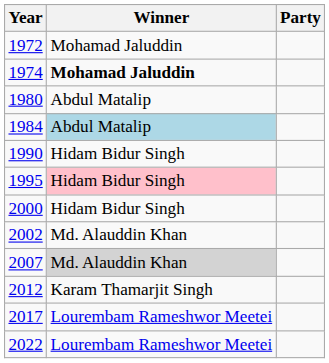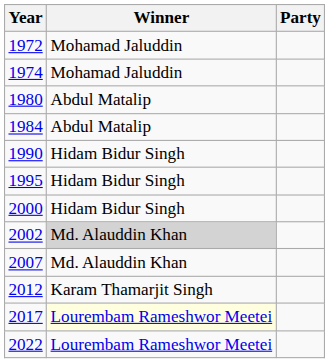 <table class="wikitable sortable">
 <tr>
 <th>Year</th>
 <th>Winner</th>
 <th colspan="2">Party</th>
 </tr>
 <tr>
 <td><a href='#'>1972</a></td>
 <td>Mohamad Jaluddin</td>
 <td></td>
 </tr>
 <tr>
 <td><a href='#'>1974</a></td>
-<td><strong>Mohamad Jaluddin</strong></td>
+<td>Mohamad Jaluddin</td>
 <td></td>
 </tr>
 <tr>
 <td><a href='#'>1980</a></td>
 <td>Abdul Matalip</td>
 <td></td>
 </tr>
 <tr>
 <td><a href='#'>1984</a></td>
-<td style="background: lightblue;">Abdul Matalip</td>
+<td>Abdul Matalip</td>
 <td></td>
 </tr>
 <tr>
 <td><a href='#'>1990</a></td>
 <td>Hidam Bidur Singh</td>
 <td></td>
 </tr>
 <tr>
 <td><a href='#'>1995</a></td>
-<td style="background: pink;">Hidam Bidur Singh</td>
+<td>Hidam Bidur Singh</td>
 <td></td>
 </tr>
 <tr>
 <td><a href='#'>2000</a></td>
 <td>Hidam Bidur Singh</td>
 <td></td>
 </tr>
 <tr>
 <td><a href='#'>2002</a></td>
-<td>Md. Alauddin Khan</td>
+<td style="background: lightgrey;">Md. Alauddin Khan</td>
 <td></td>
 </tr>
 <tr>
 <td><a href='#'>2007</a></td>
-<td style="background: lightgrey;">Md. Alauddin Khan</td>
+<td>Md. Alauddin Khan</td>
 <td></td>
 </tr>
 <tr>
 <td><a href='#'>2012</a></td>
 <td>Karam Thamarjit Singh</td>
 <td></td>
 </tr>
 <tr>
 <td><a href='#'>2017</a></td>
-<td><a href='#'>Lourembam Rameshwor Meetei</a></td>
+<td style="background: lightyellow;"><a href='#'>Lourembam Rameshwor Meetei</a></td>
 <td></td>
 </tr>
 <tr>
 <td><a href='#'>2022</a></td>
 <td><a href='#'>Lourembam Rameshwor Meetei</a></td>
 <td></td>
 </tr>
 </table>
